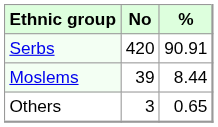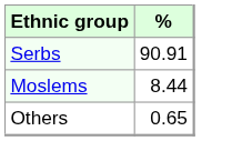 <table border=1 cellpadding=4 cellspacing=0 class="toccolours" style="align: left; margin: 0.5em 0 0 0; border-style: solid; border: 1px solid #999; border-right-width: 2px; border-bottom-width: 2px; border-collapse: collapse; font-size: 100%;">
 <tr>
 <td style="background:#ddffdd;"><strong>Ethnic group</strong></td>
-<td colspan=1 style="background:#ddffdd;" align="center"><strong>No</strong></td>
 <td colspan=1 style="background:#ddffdd;" align="center"><strong>%</strong></td>
 </tr>
 <tr>
 <td style="background:#f3fff3;"><a href='#'>Serbs</a></td>
-<td align="right">420</td>
 <td align="right">90.91</td>
 </tr>
 <tr>
 <td style="background:#f3fff3;"><a href='#'>Moslems</a></td>
-<td align="right">39</td>
 <td align="right">8.44</td>
 </tr>
 <tr>
 <td>Others</td>
-<td align="right">3</td>
 <td align="right">0.65</td>
 </tr>
 </table>
